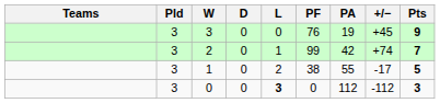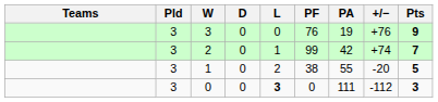 <table class="wikitable" style="text-align: center;">
 <tr>
 <th width="200">Teams</th>
 <th width="40">Pld</th>
 <th width="40">W</th>
 <th width="40">D</th>
 <th width="40">L</th>
 <th width="40">PF</th>
 <th width="40">PA</th>
 <th width="40">+/−</th>
 <th width="40">Pts</th>
 </tr>
 <tr style=background:#cfc>
 <td align=left></td>
 <td>3</td>
 <td>3</td>
 <td>0</td>
 <td>0</td>
 <td>76</td>
 <td>19</td>
-<td>+45</td>
+<td>+76</td>
 <td><strong>9</strong></td>
 </tr>
 <tr style=background:#cfc>
 <td align=left></td>
 <td>3</td>
 <td>2</td>
 <td>0</td>
 <td>1</td>
 <td>99</td>
 <td>42</td>
 <td>+74</td>
 <td><strong>7</strong></td>
 </tr>
 <tr>
 <td align=left></td>
 <td>3</td>
 <td>1</td>
 <td>0</td>
 <td>2</td>
 <td>38</td>
 <td>55</td>
-<td>-17</td>
+<td>-20</td>
 <td><strong>5</strong></td>
 </tr>
 <tr>
 <td align=left></td>
 <td>3</td>
 <td>0</td>
 <td>0</td>
 <td><strong>3</strong></td>
 <td>0</td>
-<td>112</td>
+<td>111</td>
 <td>-112</td>
 <td><strong>3</strong></td>
 </tr>
 </table>
